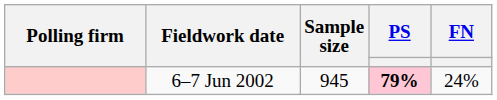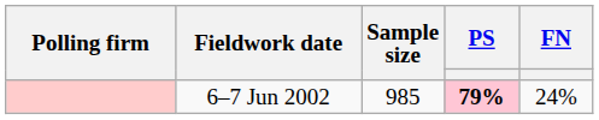 <table class="wikitable sortable" style="text-align:center;font-size:90%;line-height:14px;">
 <tr style="height:40px;">
 <th style="width:100px;" rowspan="2">Polling firm</th>
 <th style="width:110px;" rowspan="2">Fieldwork date</th>
 <th style="width:35px;" rowspan="2">Sample<br>size</th>
 <th class="unsortable" style="width:40px;"><a href='#'>PS</a></th>
 <th class="unsortable" style="width:40px;"><a href='#'>FN</a></th>
 </tr>
 <tr>
 <th style="background:"></th>
 <th style="background:"></th>
 </tr>
 <tr>
 <td style="background:#FFCCCC;"></td>
 <td data-sort-value="2002-06-07">6–7 Jun 2002</td>
-<td>945</td>
+<td>985</td>
 <td style="background:#FFC6D5;"><strong>79%</strong></td>
 <td>24%</td>
 </tr>
 </table>
